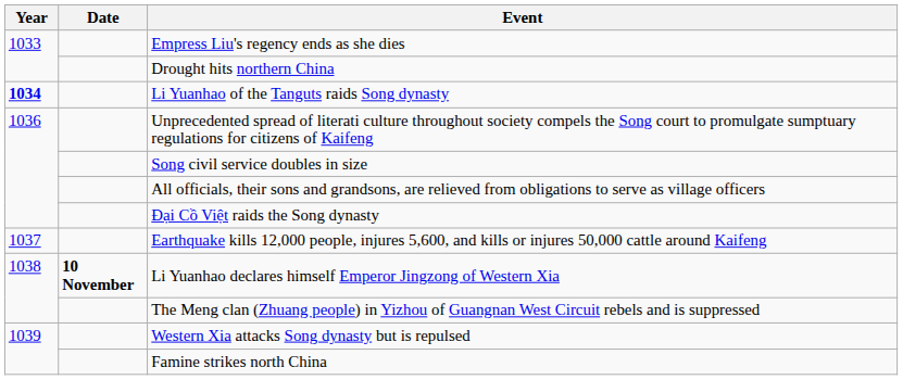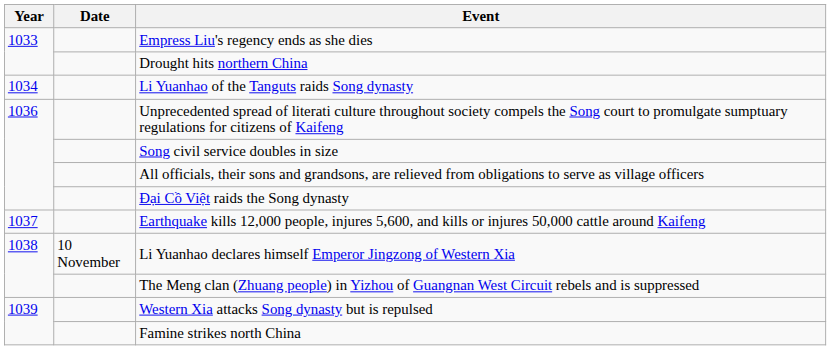 <table class="wikitable" width="100%">
 <tr>
 <th style="width:6%">Year</th>
 <th style="width:10%">Date</th>
 <th>Event</th>
 </tr>
 <tr>
 <td rowspan="2" valign="top"><a href='#'>1033</a></td>
 <td></td>
 <td><a href='#'>Empress Liu</a>'s regency ends as she dies</td>
 </tr>
 <tr>
 <td></td>
 <td>Drought hits <a href='#'>northern China</a></td>
 </tr>
 <tr>
-<td><strong><a href='#'>1034</a></strong></td>
+<td><a href='#'>1034</a></td>
 <td></td>
 <td><a href='#'>Li Yuanhao</a> of the <a href='#'>Tanguts</a> raids <a href='#'>Song dynasty</a></td>
 </tr>
 <tr>
 <td rowspan="4" valign="top"><a href='#'>1036</a></td>
 <td></td>
 <td>Unprecedented spread of literati culture throughout society compels the <a href='#'>Song</a> court to promulgate sumptuary regulations for citizens of <a href='#'>Kaifeng</a></td>
 </tr>
 <tr>
 <td></td>
 <td><a href='#'>Song</a> civil service doubles in size</td>
 </tr>
 <tr>
 <td></td>
 <td>All officials, their sons and grandsons, are relieved from obligations to serve as village officers</td>
 </tr>
 <tr>
 <td></td>
 <td><a href='#'>Đại Cồ Việt</a> raids the Song dynasty</td>
 </tr>
 <tr>
 <td><a href='#'>1037</a></td>
 <td></td>
 <td><a href='#'>Earthquake</a> kills 12,000 people, injures 5,600, and kills or injures 50,000 cattle around <a href='#'>Kaifeng</a></td>
 </tr>
 <tr>
 <td rowspan="2" valign="top"><a href='#'>1038</a></td>
-<td><strong>10 November</strong></td>
+<td>10 November</td>
 <td>Li Yuanhao declares himself <a href='#'>Emperor Jingzong of Western Xia</a></td>
 </tr>
 <tr>
 <td></td>
 <td>The Meng clan (<a href='#'>Zhuang people</a>) in <a href='#'>Yizhou</a> of <a href='#'>Guangnan West Circuit</a> rebels and is suppressed</td>
 </tr>
 <tr>
 <td rowspan="2" valign="top"><a href='#'>1039</a></td>
 <td></td>
 <td><a href='#'>Western Xia</a> attacks <a href='#'>Song dynasty</a> but is repulsed</td>
 </tr>
 <tr>
 <td></td>
 <td>Famine strikes north China</td>
 </tr>
 </table>
